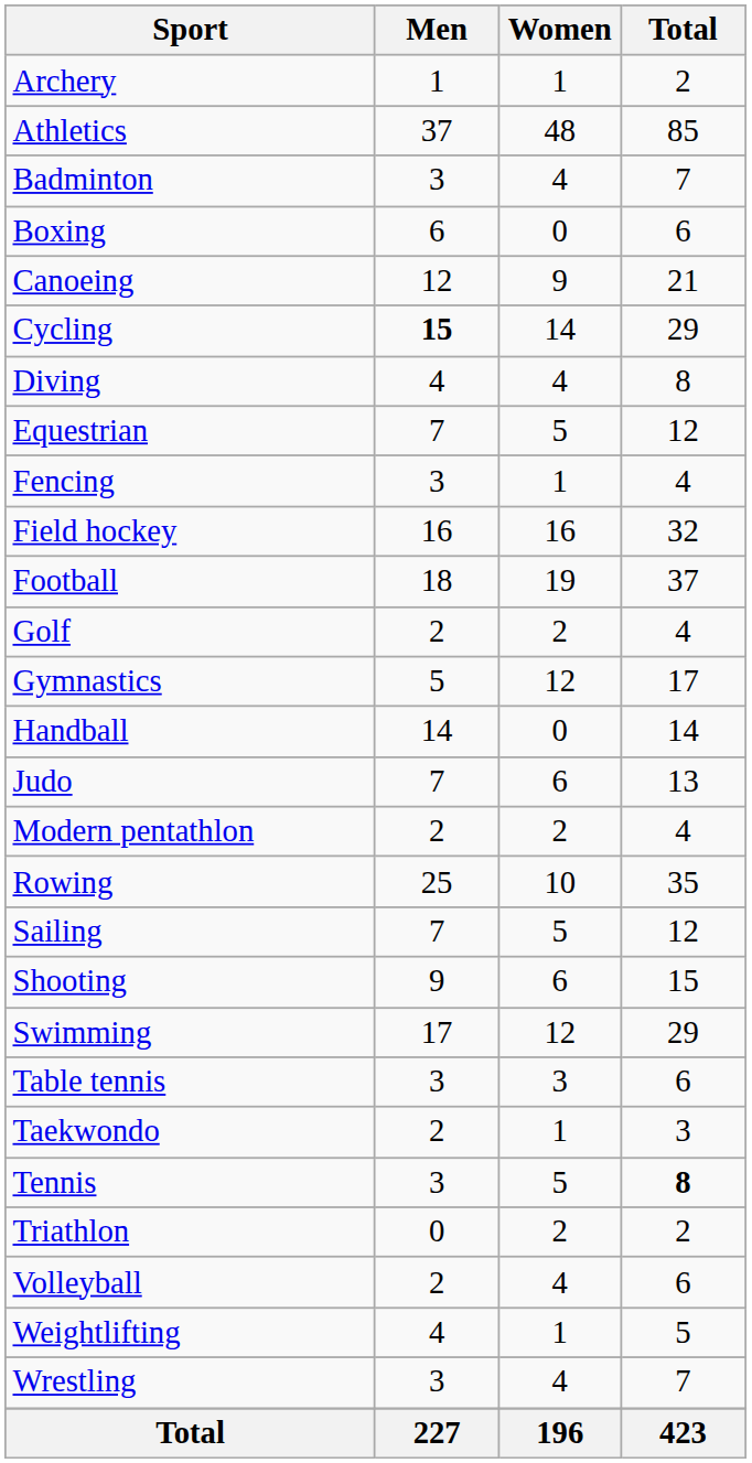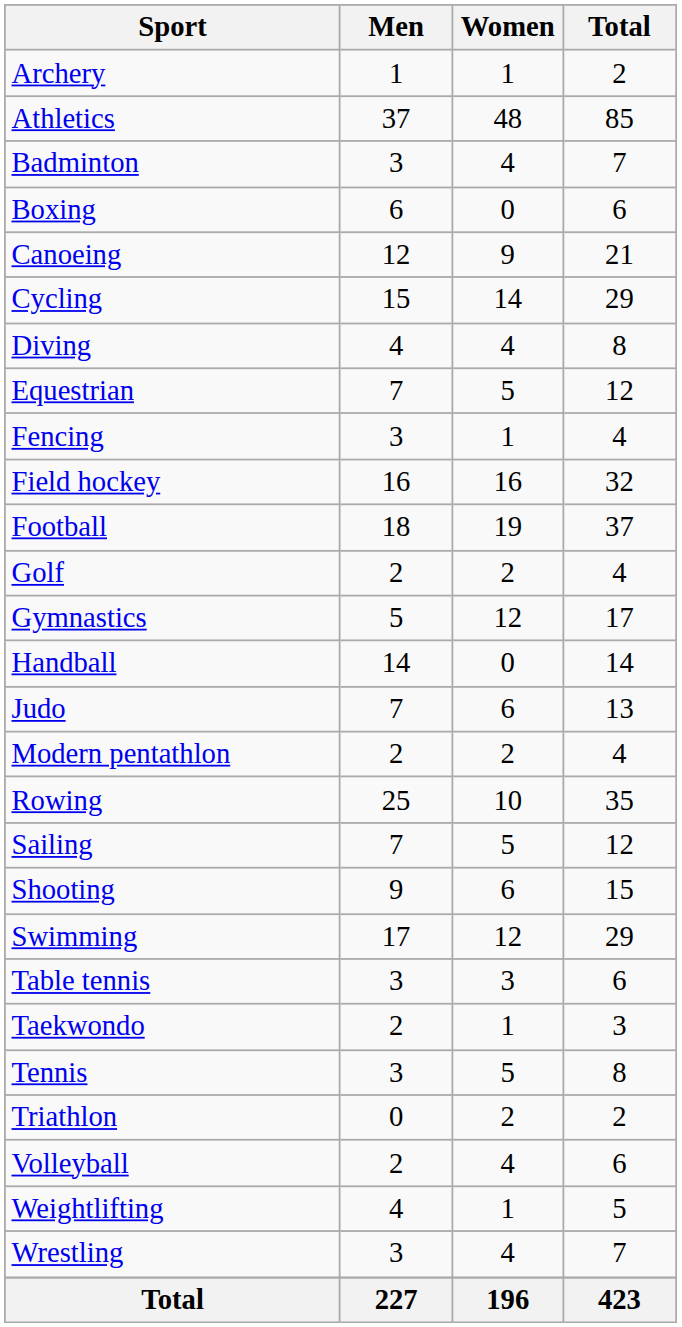 <table class="wikitable sortable" style="text-align:center;">
 <tr>
 <th width=180>Sport</th>
 <th width=55>Men</th>
 <th width=55>Women</th>
 <th width=55>Total</th>
 </tr>
 <tr>
 <td align=left><a href='#'>Archery</a></td>
 <td>1</td>
 <td>1</td>
 <td>2</td>
 </tr>
 <tr>
 <td align=left><a href='#'>Athletics</a></td>
 <td>37</td>
 <td>48</td>
 <td>85</td>
 </tr>
 <tr>
 <td align=left><a href='#'>Badminton</a></td>
 <td>3</td>
 <td>4</td>
 <td>7</td>
 </tr>
 <tr>
 <td align=left><a href='#'>Boxing</a></td>
 <td>6</td>
 <td>0</td>
 <td>6</td>
 </tr>
 <tr>
 <td align=left><a href='#'>Canoeing</a></td>
 <td>12</td>
 <td>9</td>
 <td>21</td>
 </tr>
 <tr>
 <td align=left><a href='#'>Cycling</a></td>
-<td><strong>15</strong></td>
+<td>15</td>
 <td>14</td>
 <td>29</td>
 </tr>
 <tr>
 <td align=left><a href='#'>Diving</a></td>
 <td>4</td>
 <td>4</td>
 <td>8</td>
 </tr>
 <tr>
 <td align=left><a href='#'>Equestrian</a></td>
 <td>7</td>
 <td>5</td>
 <td>12</td>
 </tr>
 <tr>
 <td align=left><a href='#'>Fencing</a></td>
 <td>3</td>
 <td>1</td>
 <td>4</td>
 </tr>
 <tr>
 <td align=left><a href='#'>Field hockey</a></td>
 <td>16</td>
 <td>16</td>
 <td>32</td>
 </tr>
 <tr>
 <td align=left><a href='#'>Football</a></td>
 <td>18</td>
 <td>19</td>
 <td>37</td>
 </tr>
 <tr>
 <td align=left><a href='#'>Golf</a></td>
 <td>2</td>
 <td>2</td>
 <td>4</td>
 </tr>
 <tr>
 <td align=left><a href='#'>Gymnastics</a></td>
 <td>5</td>
 <td>12</td>
 <td>17</td>
 </tr>
 <tr>
 <td align=left><a href='#'>Handball</a></td>
 <td>14</td>
 <td>0</td>
 <td>14</td>
 </tr>
 <tr>
 <td align=left><a href='#'>Judo</a></td>
 <td>7</td>
 <td>6</td>
 <td>13</td>
 </tr>
 <tr>
 <td align=left><a href='#'>Modern pentathlon</a></td>
 <td>2</td>
 <td>2</td>
 <td>4</td>
 </tr>
 <tr>
 <td align=left><a href='#'>Rowing</a></td>
 <td>25</td>
 <td>10</td>
 <td>35</td>
 </tr>
 <tr>
 <td align=left><a href='#'>Sailing</a></td>
 <td>7</td>
 <td>5</td>
 <td>12</td>
 </tr>
 <tr>
 <td align=left><a href='#'>Shooting</a></td>
 <td>9</td>
 <td>6</td>
 <td>15</td>
 </tr>
 <tr>
 <td align=left><a href='#'>Swimming</a></td>
 <td>17</td>
 <td>12</td>
 <td>29</td>
 </tr>
 <tr>
 <td align=left><a href='#'>Table tennis</a></td>
 <td>3</td>
 <td>3</td>
 <td>6</td>
 </tr>
 <tr>
 <td align=left><a href='#'>Taekwondo</a></td>
 <td>2</td>
 <td>1</td>
 <td>3</td>
 </tr>
 <tr>
 <td align=left><a href='#'>Tennis</a></td>
 <td>3</td>
 <td>5</td>
-<td><strong>8</strong></td>
+<td>8</td>
 </tr>
 <tr>
 <td align=left><a href='#'>Triathlon</a></td>
 <td>0</td>
 <td>2</td>
 <td>2</td>
 </tr>
 <tr>
 <td align=left><a href='#'>Volleyball</a></td>
 <td>2</td>
 <td>4</td>
 <td>6</td>
 </tr>
 <tr>
 <td align=left><a href='#'>Weightlifting</a></td>
 <td>4</td>
 <td>1</td>
 <td>5</td>
 </tr>
 <tr>
 <td align=left><a href='#'>Wrestling</a></td>
 <td>3</td>
 <td>4</td>
 <td>7</td>
 </tr>
 <tr>
 </tr>
 <tr class="sortbottom">
 <th>Total</th>
 <th>227</th>
 <th>196</th>
 <th>423</th>
 </tr>
 </table>
